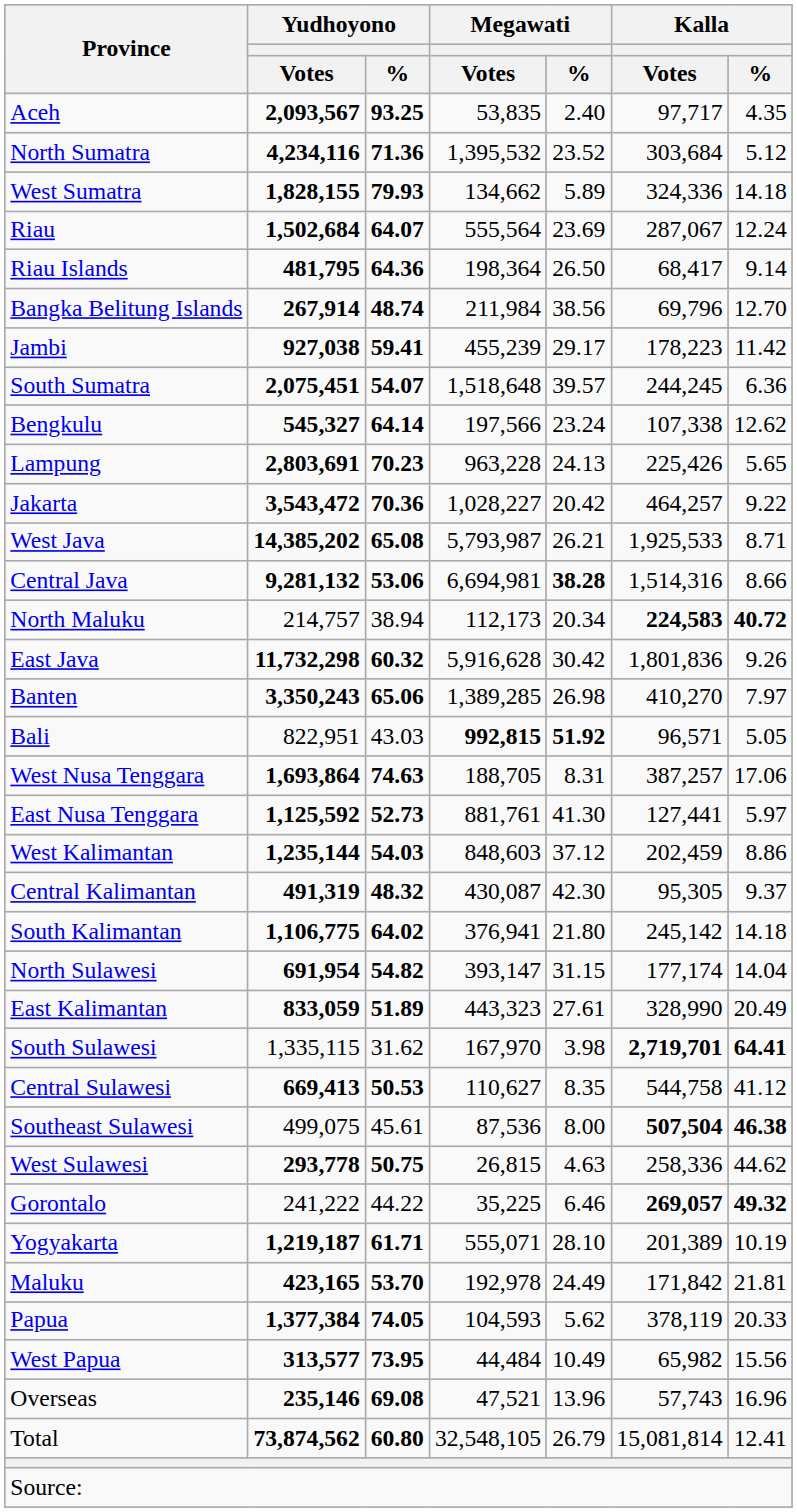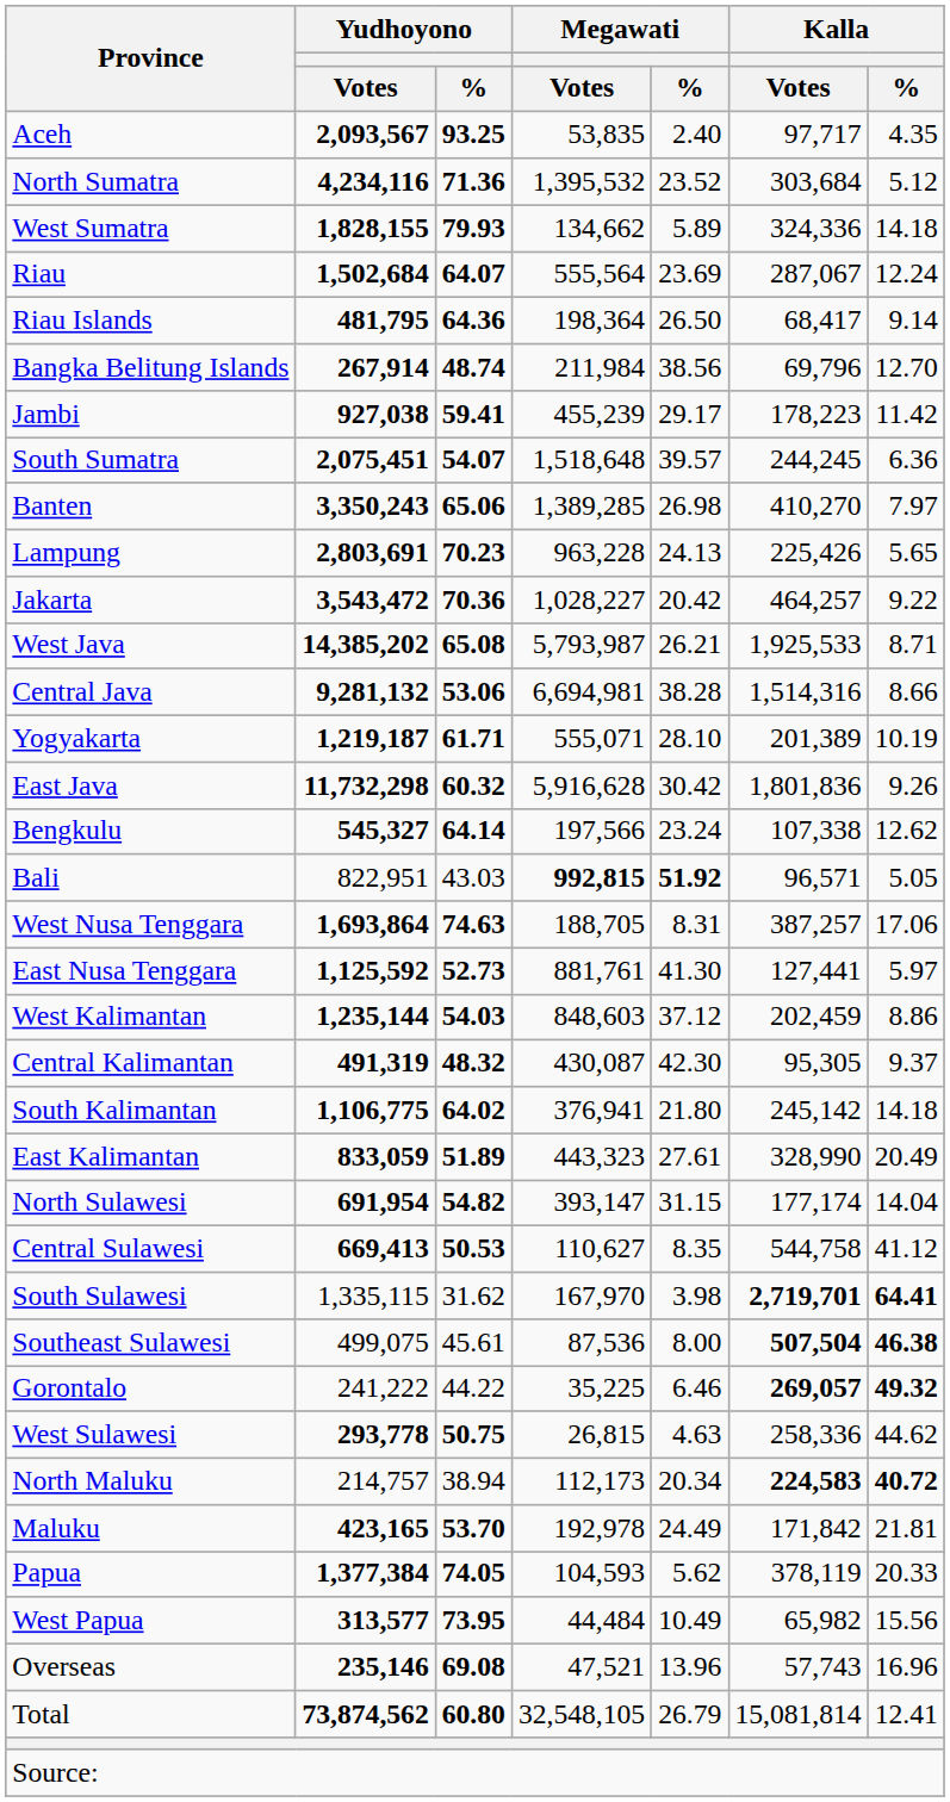 <table class="wikitable sortable" style="text-align:right; font-size: 0.9em;">
 <tr>
 <th rowspan="3">Province</th>
 <th colspan="2">Yudhoyono</th>
 <th colspan="2">Megawati</th>
 <th colspan="2">Kalla</th>
 </tr>
 <tr>
 <th colspan="2" style="background:"></th>
 <th colspan="2" style="background:"></th>
 <th colspan="2" style="background:"></th>
 </tr>
 <tr>
 <th>Votes</th>
 <th>%</th>
 <th>Votes</th>
 <th>%</th>
 <th>Votes</th>
 <th>%</th>
 </tr>
 <tr>
 <td align=left><a href='#'>Aceh</a></td>
 <td><strong>2,093,567</strong></td>
 <td><strong>93.25</strong></td>
 <td>53,835</td>
 <td>2.40</td>
 <td>97,717</td>
 <td>4.35</td>
 </tr>
 <tr>
 <td align=left><a href='#'>North Sumatra</a></td>
 <td><strong>4,234,116</strong></td>
 <td><strong>71.36</strong></td>
 <td>1,395,532</td>
 <td>23.52</td>
 <td>303,684</td>
 <td>5.12</td>
 </tr>
 <tr>
 <td align=left><a href='#'>West Sumatra</a></td>
 <td><strong>1,828,155</strong></td>
 <td><strong>79.93</strong></td>
 <td>134,662</td>
 <td>5.89</td>
 <td>324,336</td>
 <td>14.18</td>
 </tr>
 <tr>
 <td align=left><a href='#'>Riau</a></td>
 <td><strong>1,502,684</strong></td>
 <td><strong>64.07</strong></td>
 <td>555,564</td>
 <td>23.69</td>
 <td>287,067</td>
 <td>12.24</td>
 </tr>
 <tr>
 <td align=left><a href='#'>Riau Islands</a></td>
 <td><strong>481,795</strong></td>
 <td><strong>64.36</strong></td>
 <td>198,364</td>
 <td>26.50</td>
 <td>68,417</td>
 <td>9.14</td>
 </tr>
 <tr>
 <td align=left><a href='#'>Bangka Belitung Islands</a></td>
 <td><strong>267,914</strong></td>
 <td><strong>48.74</strong></td>
 <td>211,984</td>
 <td>38.56</td>
 <td>69,796</td>
 <td>12.70</td>
 </tr>
 <tr>
 <td align=left><a href='#'>Jambi</a></td>
 <td><strong>927,038</strong></td>
 <td><strong>59.41</strong></td>
 <td>455,239</td>
 <td>29.17</td>
 <td>178,223</td>
 <td>11.42</td>
 </tr>
 <tr>
 <td align=left><a href='#'>South Sumatra</a></td>
 <td><strong>2,075,451</strong></td>
 <td><strong>54.07</strong></td>
 <td>1,518,648</td>
 <td>39.57</td>
 <td>244,245</td>
 <td>6.36</td>
 </tr>
 <tr>
-<td align=left><a href='#'>Bengkulu</a></td>
-<td><strong>545,327</strong></td>
-<td><strong>64.14</strong></td>
-<td>197,566</td>
-<td>23.24</td>
-<td>107,338</td>
-<td>12.62</td>
+<td align=left><a href='#'>Banten</a></td>
+<td><strong>3,350,243</strong></td>
+<td><strong>65.06</strong></td>
+<td>1,389,285</td>
+<td>26.98</td>
+<td>410,270</td>
+<td>7.97</td>
 </tr>
 <tr>
 <td align=left><a href='#'>Lampung</a></td>
 <td><strong>2,803,691</strong></td>
 <td><strong>70.23</strong></td>
 <td>963,228</td>
 <td>24.13</td>
 <td>225,426</td>
 <td>5.65</td>
 </tr>
 <tr>
 <td align=left><a href='#'>Jakarta</a></td>
 <td><strong>3,543,472</strong></td>
 <td><strong>70.36</strong></td>
 <td>1,028,227</td>
 <td>20.42</td>
 <td>464,257</td>
 <td>9.22</td>
 </tr>
 <tr>
 <td align=left><a href='#'>West Java</a></td>
 <td><strong>14,385,202</strong></td>
 <td><strong>65.08</strong></td>
 <td>5,793,987</td>
 <td>26.21</td>
 <td>1,925,533</td>
 <td>8.71</td>
 </tr>
 <tr>
 <td align=left><a href='#'>Central Java</a></td>
 <td><strong>9,281,132</strong></td>
 <td><strong>53.06</strong></td>
 <td>6,694,981</td>
-<td><strong>38.28</strong></td>
+<td>38.28</td>
 <td>1,514,316</td>
 <td>8.66</td>
 </tr>
 <tr>
-<td align=left><a href='#'>North Maluku</a></td>
-<td>214,757</td>
-<td>38.94</td>
-<td>112,173</td>
-<td>20.34</td>
-<td><strong>224,583</strong></td>
-<td><strong>40.72</strong></td>
+<td align=left><a href='#'>Yogyakarta</a></td>
+<td><strong>1,219,187</strong></td>
+<td><strong>61.71</strong></td>
+<td>555,071</td>
+<td>28.10</td>
+<td>201,389</td>
+<td>10.19</td>
 </tr>
 <tr>
 <td align=left><a href='#'>East Java</a></td>
 <td><strong>11,732,298</strong></td>
 <td><strong>60.32</strong></td>
 <td>5,916,628</td>
 <td>30.42</td>
 <td>1,801,836</td>
 <td>9.26</td>
 </tr>
 <tr>
-<td align=left><a href='#'>Banten</a></td>
-<td><strong>3,350,243</strong></td>
-<td><strong>65.06</strong></td>
-<td>1,389,285</td>
-<td>26.98</td>
-<td>410,270</td>
-<td>7.97</td>
+<td align=left><a href='#'>Bengkulu</a></td>
+<td><strong>545,327</strong></td>
+<td><strong>64.14</strong></td>
+<td>197,566</td>
+<td>23.24</td>
+<td>107,338</td>
+<td>12.62</td>
 </tr>
 <tr>
 <td align=left><a href='#'>Bali</a></td>
 <td>822,951</td>
 <td>43.03</td>
 <td><strong>992,815</strong></td>
 <td><strong>51.92</strong></td>
 <td>96,571</td>
 <td>5.05</td>
 </tr>
 <tr>
 <td align=left><a href='#'>West Nusa Tenggara</a></td>
 <td><strong>1,693,864</strong></td>
 <td><strong>74.63</strong></td>
 <td>188,705</td>
 <td>8.31</td>
 <td>387,257</td>
 <td>17.06</td>
 </tr>
 <tr>
 <td align=left><a href='#'>East Nusa Tenggara</a></td>
 <td><strong>1,125,592</strong></td>
 <td><strong>52.73</strong></td>
 <td>881,761</td>
 <td>41.30</td>
 <td>127,441</td>
 <td>5.97</td>
 </tr>
 <tr>
 <td align=left><a href='#'>West Kalimantan</a></td>
 <td><strong>1,235,144</strong></td>
 <td><strong>54.03</strong></td>
 <td>848,603</td>
 <td>37.12</td>
 <td>202,459</td>
 <td>8.86</td>
 </tr>
 <tr>
 <td align=left><a href='#'>Central Kalimantan</a></td>
 <td><strong>491,319</strong></td>
 <td><strong>48.32</strong></td>
 <td>430,087</td>
 <td>42.30</td>
 <td>95,305</td>
 <td>9.37</td>
 </tr>
 <tr>
 <td align=left><a href='#'>South Kalimantan</a></td>
 <td><strong>1,106,775</strong></td>
 <td><strong>64.02</strong></td>
 <td>376,941</td>
 <td>21.80</td>
 <td>245,142</td>
 <td>14.18</td>
 </tr>
 <tr>
+<td align=left><a href='#'>East Kalimantan</a></td>
+<td><strong>833,059</strong></td>
+<td><strong>51.89</strong></td>
+<td>443,323</td>
+<td>27.61</td>
+<td>328,990</td>
+<td>20.49</td>
+</tr>
+<tr>
 <td align=left><a href='#'>North Sulawesi</a></td>
 <td><strong>691,954</strong></td>
 <td><strong>54.82</strong></td>
 <td>393,147</td>
 <td>31.15</td>
 <td>177,174</td>
 <td>14.04</td>
 </tr>
 <tr>
-<td align=left><a href='#'>East Kalimantan</a></td>
-<td><strong>833,059</strong></td>
-<td><strong>51.89</strong></td>
-<td>443,323</td>
-<td>27.61</td>
-<td>328,990</td>
-<td>20.49</td>
+<td align=left><a href='#'>Central Sulawesi</a></td>
+<td><strong>669,413</strong></td>
+<td><strong>50.53</strong></td>
+<td>110,627</td>
+<td>8.35</td>
+<td>544,758</td>
+<td>41.12</td>
 </tr>
 <tr>
 <td align=left><a href='#'>South Sulawesi</a></td>
 <td>1,335,115</td>
 <td>31.62</td>
 <td>167,970</td>
 <td>3.98</td>
 <td><strong>2,719,701</strong></td>
 <td><strong>64.41</strong></td>
 </tr>
 <tr>
-<td align=left><a href='#'>Central Sulawesi</a></td>
-<td><strong>669,413</strong></td>
-<td><strong>50.53</strong></td>
-<td>110,627</td>
-<td>8.35</td>
-<td>544,758</td>
-<td>41.12</td>
-</tr>
-<tr>
 <td align=left><a href='#'>Southeast Sulawesi</a></td>
 <td>499,075</td>
 <td>45.61</td>
 <td>87,536</td>
 <td>8.00</td>
 <td><strong>507,504</strong></td>
 <td><strong>46.38</strong></td>
+</tr>
+<tr>
+<td align=left><a href='#'>Gorontalo</a></td>
+<td>241,222</td>
+<td>44.22</td>
+<td>35,225</td>
+<td>6.46</td>
+<td><strong>269,057</strong></td>
+<td><strong>49.32</strong></td>
 </tr>
 <tr>
 <td align=left><a href='#'>West Sulawesi</a></td>
 <td><strong>293,778</strong></td>
 <td><strong>50.75</strong></td>
 <td>26,815</td>
 <td>4.63</td>
 <td>258,336</td>
 <td>44.62</td>
 </tr>
 <tr>
-<td align=left><a href='#'>Gorontalo</a></td>
-<td>241,222</td>
-<td>44.22</td>
-<td>35,225</td>
-<td>6.46</td>
-<td><strong>269,057</strong></td>
-<td><strong>49.32</strong></td>
-</tr>
-<tr>
-<td align=left><a href='#'>Yogyakarta</a></td>
-<td><strong>1,219,187</strong></td>
-<td><strong>61.71</strong></td>
-<td>555,071</td>
-<td>28.10</td>
-<td>201,389</td>
-<td>10.19</td>
+<td align=left><a href='#'>North Maluku</a></td>
+<td>214,757</td>
+<td>38.94</td>
+<td>112,173</td>
+<td>20.34</td>
+<td><strong>224,583</strong></td>
+<td><strong>40.72</strong></td>
 </tr>
 <tr>
 <td align=left><a href='#'>Maluku</a></td>
 <td><strong>423,165</strong></td>
 <td><strong>53.70</strong></td>
 <td>192,978</td>
 <td>24.49</td>
 <td>171,842</td>
 <td>21.81</td>
 </tr>
 <tr>
 <td align=left><a href='#'>Papua</a></td>
 <td><strong>1,377,384</strong></td>
 <td><strong>74.05</strong></td>
 <td>104,593</td>
 <td>5.62</td>
 <td>378,119</td>
 <td>20.33</td>
 </tr>
 <tr>
 <td align=left><a href='#'>West Papua</a></td>
 <td><strong>313,577</strong></td>
 <td><strong>73.95</strong></td>
 <td>44,484</td>
 <td>10.49</td>
 <td>65,982</td>
 <td>15.56</td>
 </tr>
 <tr>
 <td align=left>Overseas</td>
 <td><strong>235,146</strong></td>
 <td><strong>69.08</strong></td>
 <td>47,521</td>
 <td>13.96</td>
 <td>57,743</td>
 <td>16.96</td>
 </tr>
 <tr class="sortbottom">
 <td align=left>Total</td>
 <td><strong>73,874,562</strong></td>
 <td><strong>60.80</strong></td>
 <td>32,548,105</td>
 <td>26.79</td>
 <td>15,081,814</td>
 <td>12.41</td>
 </tr>
 <tr class=sortbottom>
 <th colspan="7"></th>
 </tr>
 <tr class=sortbottom>
 <td align=left colspan=7>Source: </td>
 </tr>
 </table>
